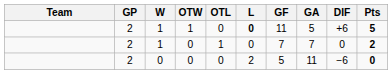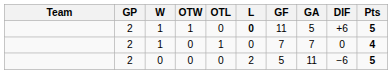 <table class="wikitable" style="text-align:center;">
 <tr>
 <th width=165>Team</th>
 <th width=40>GP</th>
 <th width=40>W</th>
 <th width=40>OTW</th>
 <th width=40>OTL</th>
 <th width=40>L</th>
 <th width=40>GF</th>
 <th width=40>GA</th>
 <th width=40>DIF</th>
 <th width=40>Pts</th>
 </tr>
 <tr>
 <td style="text-align:left;"></td>
 <td>2</td>
 <td>1</td>
 <td>1</td>
 <td>0</td>
 <td><strong>0</strong></td>
 <td>11</td>
 <td>5</td>
 <td>+6</td>
 <td><strong>5</strong></td>
 </tr>
 <tr>
 <td style="text-align:left;"></td>
 <td>2</td>
 <td>1</td>
 <td>0</td>
 <td>1</td>
 <td>0</td>
 <td>7</td>
 <td>7</td>
 <td>0</td>
-<td><strong>2</strong></td>
+<td><strong>4</strong></td>
 </tr>
 <tr>
 <td style="text-align:left;"></td>
 <td>2</td>
 <td>0</td>
 <td>0</td>
 <td>0</td>
 <td>2</td>
 <td>5</td>
 <td>11</td>
 <td>−6</td>
-<td><strong>0</strong></td>
+<td><strong>5</strong></td>
 </tr>
 </table>
